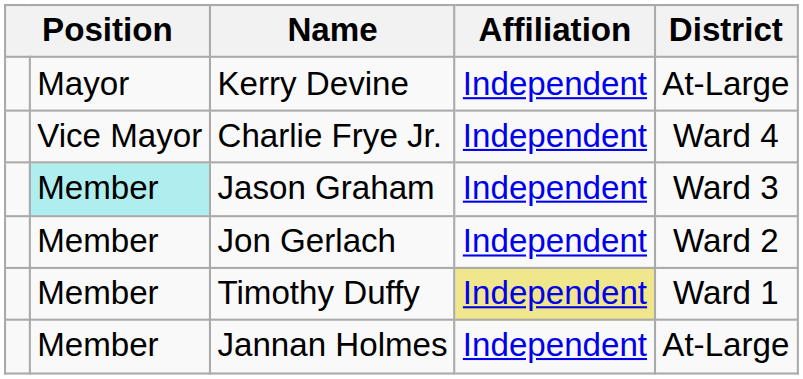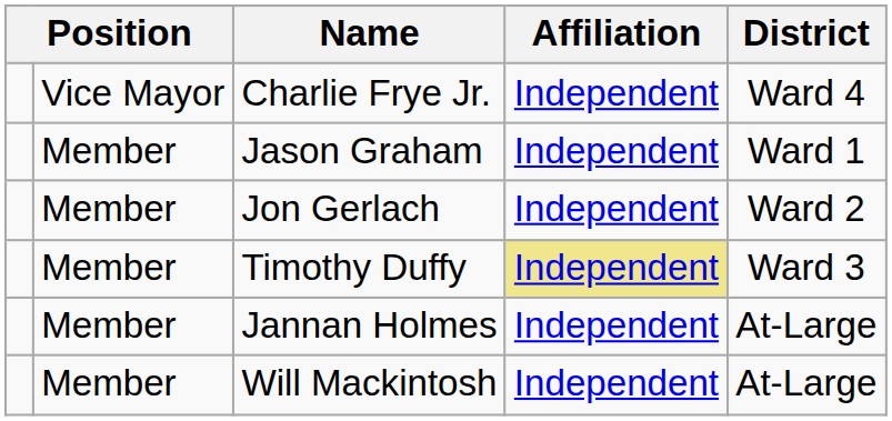 <table class=wikitable>
 <tr>
 <th colspan="2"  style="text-align:center; vertical-align:bottom;">Position</th>
 <th style="text-align:center;">Name</th>
 <th valign=bottom>Affiliation</th>
 <th style="vertical-align:bottom; text-align:center;">District</th>
-</tr>
-<tr>
-<td style="background-color:"> </td>
-<td>Mayor</td>
-<td>Kerry Devine</td>
-<td style="text-align:center;"><a href='#'>Independent</a></td>
-<td style="text-align:center;">At-Large</td>
 </tr>
 <tr>
 <td style="background-color:"> </td>
 <td>Vice Mayor</td>
 <td>Charlie Frye Jr.</td>
 <td style="text-align:center;"><a href='#'>Independent</a></td>
 <td style="text-align:center;">Ward 4</td>
 </tr>
 <tr>
 <td style="background-color:"> </td>
-<td style="background: paleturquoise;">Member</td>
+<td>Member</td>
 <td>Jason Graham</td>
 <td style="text-align:center;"><a href='#'>Independent</a></td>
-<td style="text-align:center;">Ward 3</td>
+<td style="text-align:center;">Ward 1</td>
 </tr>
 <tr>
 <td style="background-color:"> </td>
 <td>Member</td>
 <td>Jon Gerlach</td>
 <td style="text-align:center;"><a href='#'>Independent</a></td>
 <td style="text-align:center;">Ward 2</td>
 </tr>
 <tr>
 <td style="background-color:"> </td>
 <td>Member</td>
 <td>Timothy Duffy</td>
 <td style="background: khaki; text-align:center;"><a href='#'>Independent</a></td>
-<td style="text-align:center;">Ward 1</td>
+<td style="text-align:center;">Ward 3</td>
 </tr>
 <tr>
 <td style="background-color:"> </td>
 <td>Member</td>
 <td>Jannan Holmes</td>
 <td style="text-align:center;"><a href='#'>Independent</a></td>
 <td style="text-align:center;">At-Large</td>
 </tr>
+<tr>
+<td style="background-color:"> </td>
+<td>Member</td>
+<td>Will Mackintosh</td>
+<td style="text-align:center;"><a href='#'>Independent</a></td>
+<td style="text-align:center;">At-Large</td>
+</tr>
 </table>
